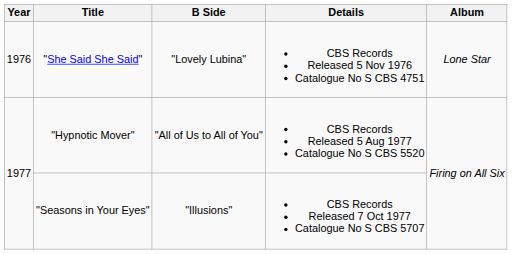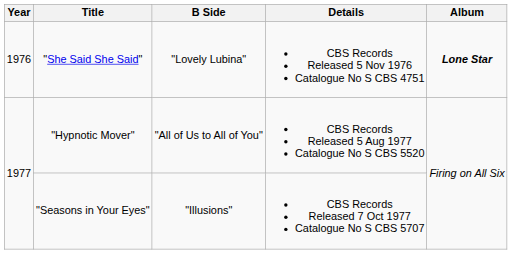 <table class="wikitable plainrowheaders" style="text-align:center;" border="1">
 <tr>
 <th>Year</th>
 <th>Title</th>
 <th>B Side</th>
 <th>Details</th>
 <th>Album</th>
 </tr>
 <tr>
 <td>1976</td>
 <td>"<a href='#'>She Said She Said</a>"</td>
 <td>"Lovely Lubina"</td>
 <td><br><ul><li>CBS Records</li><li>Released 5 Nov 1976</li><li>Catalogue No S CBS 4751</li></ul></td>
-<td><em>Lone Star</em></td>
+<td><strong><em>Lone Star</em></strong></td>
 </tr>
 <tr>
 <td rowspan="2">1977</td>
 <td>"Hypnotic Mover"</td>
 <td>"All of Us to All of You"</td>
 <td><br><ul><li>CBS Records</li><li>Released 5 Aug 1977</li><li>Catalogue No S CBS 5520</li></ul></td>
 <td rowspan="2"><em>Firing on All Six</em></td>
 </tr>
 <tr>
 <td>"Seasons in Your Eyes"</td>
 <td>"Illusions"</td>
 <td><br><ul><li>CBS Records</li><li>Released 7 Oct 1977</li><li>Catalogue No S CBS 5707</li></ul></td>
 </tr>
 </table>
